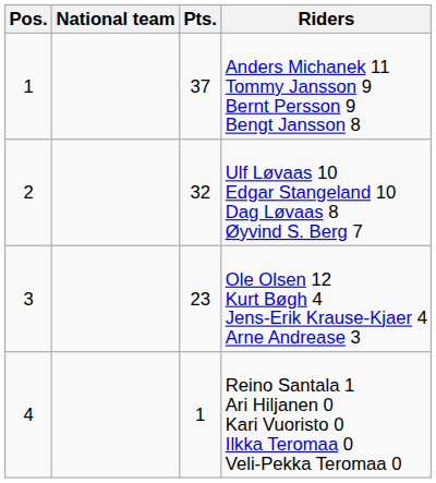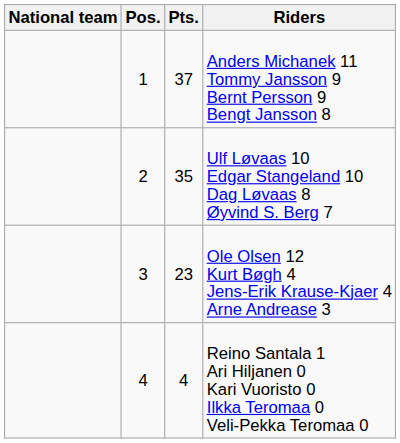 <table class=wikitable style="font-size:93%;">
 <tr>
+<th>National team</th>
 <th>Pos.</th>
-<th>National team</th>
 <th>Pts.</th>
 <th>Riders</th>
 </tr>
 <tr align=center >
+<td align=left></td>
 <td>1</td>
-<td align=left></td>
 <td>37</td>
 <td align=left><br><a href='#'>Anders Michanek</a> 11<br> <a href='#'>Tommy Jansson</a> 9<br> <a href='#'>Bernt Persson</a> 9<br> <a href='#'>Bengt Jansson</a> 8</td>
 </tr>
 <tr align=center>
+<td align=left></td>
 <td>2</td>
-<td align=left></td>
-<td>32</td>
+<td>35</td>
 <td align=left><br><a href='#'>Ulf Løvaas</a> 10<br> <a href='#'>Edgar Stangeland</a> 10<br> <a href='#'>Dag Løvaas</a> 8<br> <a href='#'>Øyvind S. Berg</a> 7</td>
 </tr>
 <tr align=center>
+<td align=left></td>
 <td>3</td>
-<td align=left></td>
 <td>23</td>
 <td align=left><br><a href='#'>Ole Olsen</a> 12<br> <a href='#'>Kurt Bøgh</a> 4<br> <a href='#'>Jens-Erik Krause-Kjaer</a> 4<br> <a href='#'>Arne Andrease</a> 3</td>
 </tr>
 <tr align=center>
+<td align=left></td>
 <td>4</td>
-<td align=left></td>
-<td>1</td>
+<td>4</td>
 <td align=left><br>Reino Santala 1<br>  Ari Hiljanen 0<br> Kari Vuoristo 0<br> <a href='#'>Ilkka Teromaa</a> 0<br> Veli-Pekka Teromaa 0</td>
 </tr>
 </table>
